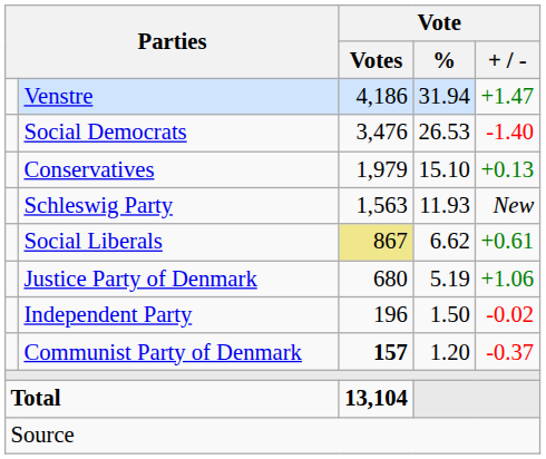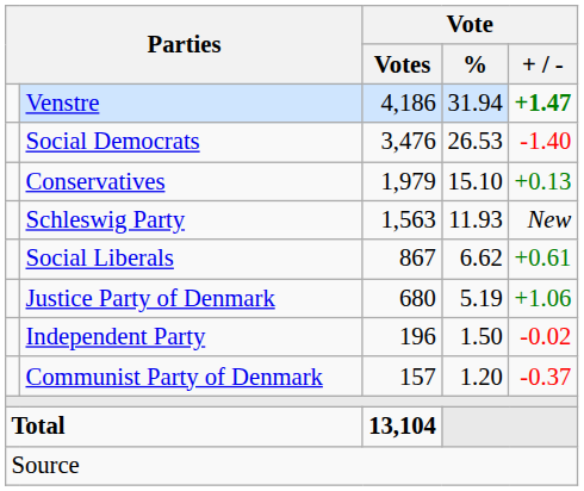 <table class="wikitable" style="text-align:right;">
 <tr>
 <th style="text-align:centre;" rowspan="2" colspan="2" width="225">Parties</th>
 <th colspan="3">Vote</th>
 </tr>
 <tr>
 <th width="15">Votes</th>
 <th width="15">%</th>
 <th width="15">+ / -</th>
 </tr>
 <tr>
 <td width="2" style="color:inherit;background:"></td>
 <td bgcolor=#cfe5fe  align="left"><a href='#'>Venstre</a></td>
 <td bgcolor=#cfe5fe>4,186</td>
 <td bgcolor=#cfe5fe>31.94</td>
-<td style=color:green;>+1.47</td>
+<td style=color:green;><strong>+1.47</strong></td>
 </tr>
 <tr>
 <td width="2" style="color:inherit;background:"></td>
 <td align="left"><a href='#'>Social Democrats</a></td>
 <td>3,476</td>
 <td>26.53</td>
 <td style=color:red;>-1.40</td>
 </tr>
 <tr>
 <td width="2" style="color:inherit;background:"></td>
 <td align="left"><a href='#'>Conservatives</a></td>
 <td>1,979</td>
 <td>15.10</td>
 <td style=color:green;>+0.13</td>
 </tr>
 <tr>
 <td width="2" style="color:inherit;background:"></td>
 <td align="left"><a href='#'>Schleswig Party</a></td>
 <td>1,563</td>
 <td>11.93</td>
 <td><em>New</em></td>
 </tr>
 <tr>
 <td width="2" style="color:inherit;background:"></td>
 <td align="left"><a href='#'>Social Liberals</a></td>
-<td style="background: khaki;">867</td>
+<td>867</td>
 <td>6.62</td>
 <td style=color:green;>+0.61</td>
 </tr>
 <tr>
 <td width="2" style="color:inherit;background:"></td>
 <td align="left"><a href='#'>Justice Party of Denmark</a></td>
 <td>680</td>
 <td>5.19</td>
 <td style=color:green;>+1.06</td>
 </tr>
 <tr>
 <td width="2" style="color:inherit;background:"></td>
 <td align="left"><a href='#'>Independent Party</a></td>
 <td>196</td>
 <td>1.50</td>
 <td style=color:red;>-0.02</td>
 </tr>
 <tr>
 <td width="2" style="color:inherit;background:"></td>
 <td align="left"><a href='#'>Communist Party of Denmark</a></td>
-<td><strong>157</strong></td>
+<td>157</td>
 <td>1.20</td>
 <td style=color:red;>-0.37</td>
 </tr>
 <tr>
 <td colspan="7" bgcolor="#E9E9E9"></td>
 </tr>
 <tr>
 <td align="left" colspan="2"><strong>Total</strong></td>
 <td><strong>13,104</strong></td>
 <td bgcolor="#E9E9E9" colspan="2"></td>
 </tr>
 <tr>
 <td align="left" colspan="6">Source</td>
 </tr>
 </table>
